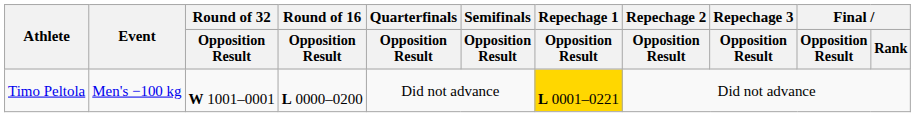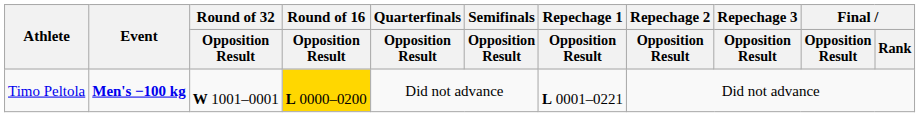 <table class="wikitable" style="font-size:90%">
 <tr>
 <th rowspan="2">Athlete</th>
 <th rowspan="2">Event</th>
 <th>Round of 32</th>
 <th>Round of 16</th>
 <th>Quarterfinals</th>
 <th>Semifinals</th>
 <th>Repechage 1</th>
 <th>Repechage 2</th>
 <th>Repechage 3</th>
 <th colspan=2>Final / </th>
 </tr>
 <tr style="font-size:95%">
 <th>Opposition<br>Result</th>
 <th>Opposition<br>Result</th>
 <th>Opposition<br>Result</th>
 <th>Opposition<br>Result</th>
 <th>Opposition<br>Result</th>
 <th>Opposition<br>Result</th>
 <th>Opposition<br>Result</th>
 <th>Opposition<br>Result</th>
 <th>Rank</th>
 </tr>
 <tr align=center>
 <td align=left><a href='#'>Timo Peltola</a></td>
-<td align=left><a href='#'>Men's −100 kg</a></td>
+<td align=left><strong><a href='#'>Men's −100 kg</a></strong></td>
 <td><br><strong>W</strong> 1001–0001</td>
-<td><br><strong>L</strong> 0000–0200</td>
+<td style="background: gold;"><br><strong>L</strong> 0000–0200</td>
 <td colspan=2>Did not advance</td>
-<td style="background: gold;"><br><strong>L</strong> 0001–0221</td>
+<td><br><strong>L</strong> 0001–0221</td>
 <td colspan=4>Did not advance</td>
 </tr>
 </table>
